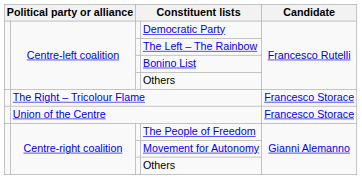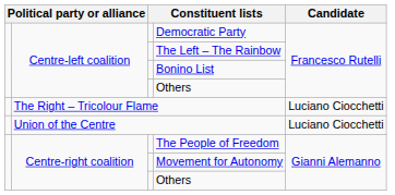 <table class=wikitable style="text-align:left">
 <tr>
 <th colspan=2>Political party or alliance</th>
 <th colspan=2>Constituent lists</th>
 <th>Candidate</th>
 </tr>
 <tr>
 <td rowspan=4 style="background-color:"></td>
 <td rowspan=4 style="text-align:center;"><a href='#'>Centre-left coalition</a></td>
 <td></td>
 <td style="text-align:left;"><a href='#'>Democratic Party</a></td>
 <td rowspan=4 style="text-align:center;"><a href='#'>Francesco Rutelli</a></td>
 </tr>
 <tr>
 <td></td>
 <td style="text-align:left;"><a href='#'>The Left – The Rainbow</a></td>
 </tr>
 <tr>
 <td></td>
 <td style="text-align:left;"><a href='#'>Bonino List</a></td>
 </tr>
 <tr>
 <td></td>
 <td style="text-align:left;">Others</td>
 </tr>
 <tr>
 <td style="background-color:"></td>
 <td colspan=3  style="text-align:left;"><a href='#'>The Right – Tricolour Flame</a></td>
-<td style="text-align:center;"><a href='#'>Francesco Storace</a></td>
+<td style="text-align:center;">Luciano Ciocchetti</td>
 </tr>
 <tr>
 <td style="background-color:"></td>
 <td colspan=3  style="text-align:left;"><a href='#'>Union of the Centre</a></td>
-<td style="text-align:center;"><a href='#'>Francesco Storace</a></td>
+<td style="text-align:center;">Luciano Ciocchetti</td>
 </tr>
 <tr>
 <td rowspan="3" style="background:"></td>
 <td rowspan=3 style="text-align:center;"><a href='#'>Centre-right coalition</a></td>
 <td></td>
 <td style="text-align:left;"><a href='#'>The People of Freedom</a></td>
 <td rowspan="3" style="text-align:center;"><a href='#'>Gianni Alemanno</a></td>
 </tr>
 <tr>
 <td></td>
 <td style="text-align:left;"><a href='#'>Movement for Autonomy</a></td>
 </tr>
 <tr>
 <td></td>
 <td style="text-align:left;">Others</td>
 </tr>
 </table>
